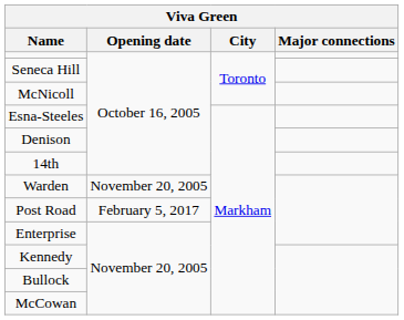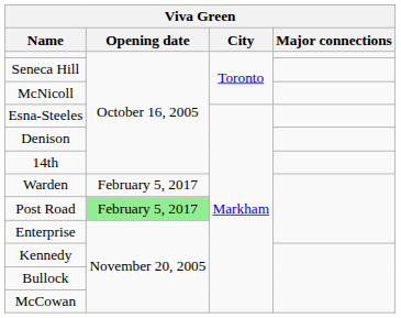 <table class="wikitable" style="text-align:center">
 <tr>
 <th colspan="4" style="background:#">Viva Green</th>
 </tr>
 <tr>
 <th>Name</th>
 <th>Opening date</th>
 <th>City</th>
 <th>Major connections</th>
 </tr>
 <tr>
 <td></td>
 <td rowspan="6">October 16, 2005</td>
 <td rowspan="3"><a href='#'>Toronto</a></td>
 <td> </td>
 </tr>
 <tr>
 <td>Seneca Hill</td>
 <td></td>
 </tr>
 <tr>
 <td>McNicoll</td>
 <td></td>
 </tr>
 <tr>
 <td>Esna-Steeles</td>
 <td rowspan = 9><a href='#'>Markham</a></td>
 <td></td>
 </tr>
 <tr>
 <td>Denison</td>
 <td></td>
 </tr>
 <tr>
 <td>14th</td>
 <td></td>
 </tr>
 <tr>
 <td>Warden</td>
-<td rowspan = 1>November 20, 2005</td>
+<td rowspan = 1>February 5, 2017</td>
 <td rowspan = 3></td>
 </tr>
 <tr>
 <td>Post Road</td>
-<td rowspan = 1>February 5, 2017</td>
+<td rowspan = 1 style="background: lightgreen;">February 5, 2017</td>
 </tr>
 <tr>
 <td>Enterprise</td>
 <td rowspan="4">November 20, 2005</td>
 </tr>
 <tr>
 <td>Kennedy</td>
 <td rowspan = 3></td>
 </tr>
 <tr>
 <td>Bullock</td>
 </tr>
 <tr>
 <td>McCowan</td>
 </tr>
 </table>
